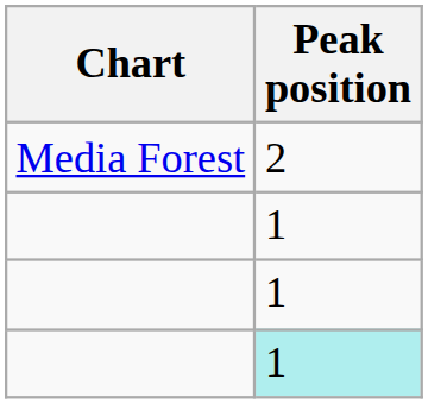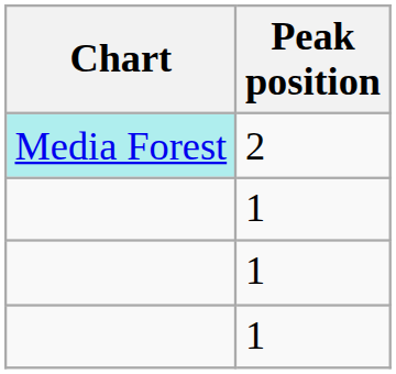 <table class="wikitable sortable">
 <tr>
 <th>Chart</th>
 <th>Peak<br>position</th>
 </tr>
 <tr>
-<td><a href='#'>Media Forest</a></td>
+<td style="background: paleturquoise;"><a href='#'>Media Forest</a></td>
 <td>2</td>
 </tr>
 <tr>
 <td></td>
 <td>1</td>
 </tr>
 <tr>
 <td></td>
 <td>1</td>
 </tr>
 <tr>
 <td></td>
-<td style="background: paleturquoise;">1</td>
+<td>1</td>
 </tr>
 </table>
